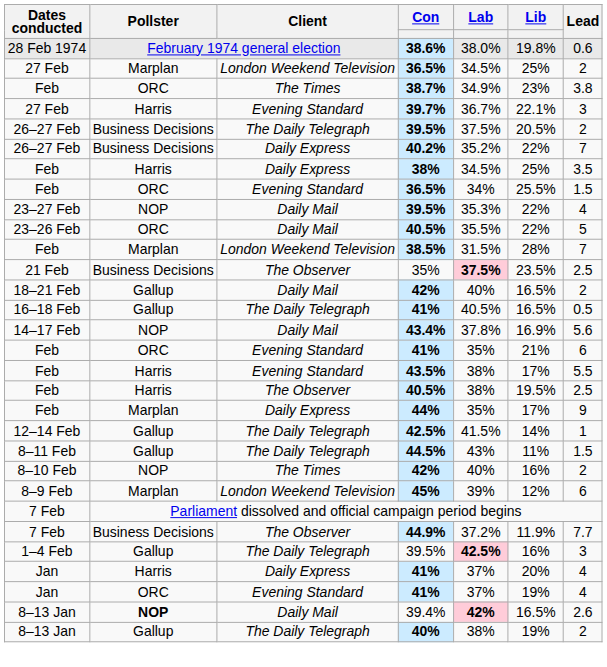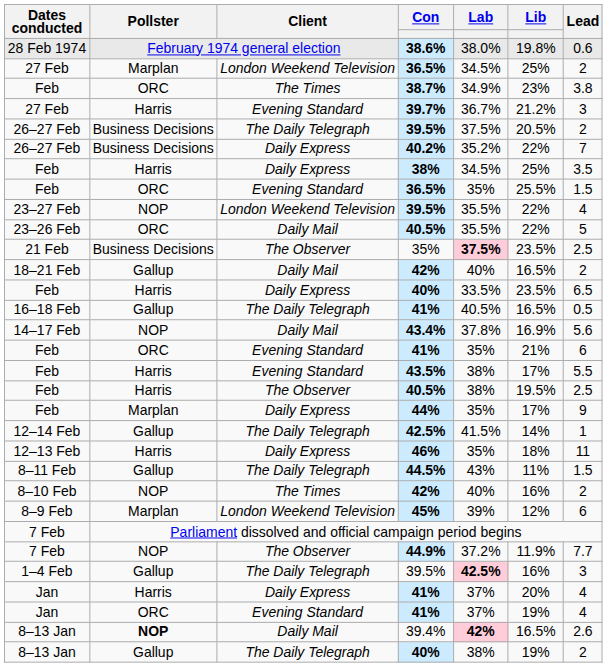 <table class="wikitable sortable mw-datatable" style="text-align:center;font-size:90%;line-height:14px;">
 <tr>
 <th rowspan="2">Dates<br>conducted</th>
 <th rowspan="2">Pollster</th>
 <th rowspan="2">Client</th>
 <th class="unsortable" style="width:50px;"><a href='#'>Con</a></th>
 <th class="unsortable" style="width:50px;"><a href='#'>Lab</a></th>
 <th class="unsortable" style="width:50px;"><a href='#'>Lib</a></th>
 <th rowspan="2">Lead</th>
 </tr>
 <tr>
 <th style="background:"></th>
 <th style="background:"></th>
 <th style="background:"></th>
 </tr>
 <tr style="background:#e9e9e9;">
 <td>28 Feb 1974</td>
 <td colspan="2"><a href='#'>February 1974 general election</a></td>
 <td style="background:#CCEBFF;"><strong>38.6%</strong></td>
 <td>38.0%</td>
 <td>19.8%</td>
 <td style="background:">0.6</td>
 </tr>
 <tr>
 <td>27 Feb</td>
 <td>Marplan</td>
 <td><em>London Weekend Television</em></td>
 <td style="background:#CCEBFF;"><strong>36.5%</strong></td>
 <td>34.5%</td>
 <td>25%</td>
 <td style="background:">2</td>
 </tr>
 <tr>
 <td>Feb</td>
 <td>ORC</td>
 <td><em>The Times</em></td>
 <td style="background:#CCEBFF;"><strong>38.7%</strong></td>
 <td>34.9%</td>
 <td>23%</td>
 <td style="background:">3.8</td>
 </tr>
 <tr>
 <td>27 Feb</td>
 <td>Harris</td>
 <td><em>Evening Standard</em></td>
 <td style="background:#CCEBFF;"><strong>39.7%</strong></td>
 <td>36.7%</td>
-<td>22.1%</td>
+<td>21.2%</td>
 <td style="background:">3</td>
 </tr>
 <tr>
 <td>26–27 Feb</td>
 <td>Business Decisions</td>
 <td><em>The Daily Telegraph</em></td>
 <td style="background:#CCEBFF;"><strong>39.5%</strong></td>
 <td>37.5%</td>
 <td>20.5%</td>
 <td style="background:">2</td>
 </tr>
 <tr>
 <td>26–27 Feb</td>
 <td>Business Decisions</td>
 <td><em>Daily Express</em></td>
 <td style="background:#CCEBFF;"><strong>40.2%</strong></td>
 <td>35.2%</td>
 <td>22%</td>
 <td style="background:">7</td>
 </tr>
 <tr>
 <td>Feb</td>
 <td>Harris</td>
 <td><em>Daily Express</em></td>
 <td style="background:#CCEBFF;"><strong>38%</strong></td>
 <td>34.5%</td>
 <td>25%</td>
 <td style="background:">3.5</td>
 </tr>
 <tr>
 <td>Feb</td>
 <td>ORC</td>
 <td><em>Evening Standard</em></td>
 <td style="background:#CCEBFF;"><strong>36.5%</strong></td>
-<td>34%</td>
+<td>35%</td>
 <td>25.5%</td>
 <td style="background:">1.5</td>
 </tr>
 <tr>
 <td>23–27 Feb</td>
 <td>NOP</td>
-<td><em>Daily Mail</em></td>
+<td><em>London Weekend Television</em></td>
 <td style="background:#CCEBFF;"><strong>39.5%</strong></td>
-<td>35.3%</td>
+<td>35.5%</td>
 <td>22%</td>
 <td style="background:">4</td>
 </tr>
 <tr>
 <td>23–26 Feb</td>
 <td>ORC</td>
 <td><em>Daily Mail</em></td>
 <td style="background:#CCEBFF;"><strong>40.5%</strong></td>
 <td>35.5%</td>
 <td>22%</td>
 <td style="background:">5</td>
-</tr>
-<tr>
-<td>Feb</td>
-<td>Marplan</td>
-<td><em>London Weekend Television</em></td>
-<td style="background:#CCEBFF;"><strong>38.5%</strong></td>
-<td>31.5%</td>
-<td>28%</td>
-<td style="background:">7</td>
 </tr>
 <tr>
 <td>21 Feb</td>
 <td>Business Decisions</td>
 <td><em>The Observer</em></td>
 <td>35%</td>
 <td style="background:#ffccd9;"><strong>37.5%</strong></td>
 <td>23.5%</td>
 <td style="background:">2.5</td>
 </tr>
 <tr>
 <td>18–21 Feb</td>
 <td>Gallup</td>
 <td><em>Daily Mail</em></td>
 <td style="background:#CCEBFF;"><strong>42%</strong></td>
 <td>40%</td>
 <td>16.5%</td>
 <td style="background:">2</td>
+</tr>
+<tr>
+<td>Feb</td>
+<td>Harris</td>
+<td><em>Daily Express</em></td>
+<td style="background:#CCEBFF;"><strong>40%</strong></td>
+<td>33.5%</td>
+<td>23.5%</td>
+<td style="background:">6.5</td>
 </tr>
 <tr>
 <td>16–18 Feb</td>
 <td>Gallup</td>
 <td><em>The Daily Telegraph</em></td>
 <td style="background:#CCEBFF;"><strong>41%</strong></td>
 <td>40.5%</td>
 <td>16.5%</td>
 <td style="background:">0.5</td>
 </tr>
 <tr>
 <td>14–17 Feb</td>
 <td>NOP</td>
 <td><em>Daily Mail</em></td>
 <td style="background:#CCEBFF;"><strong>43.4%</strong></td>
 <td>37.8%</td>
 <td>16.9%</td>
 <td style="background:">5.6</td>
 </tr>
 <tr>
 <td>Feb</td>
 <td>ORC</td>
 <td><em>Evening Standard</em></td>
 <td style="background:#CCEBFF;"><strong>41%</strong></td>
 <td>35%</td>
 <td>21%</td>
 <td style="background:">6</td>
 </tr>
 <tr>
 <td>Feb</td>
 <td>Harris</td>
 <td><em>Evening Standard</em></td>
 <td style="background:#CCEBFF;"><strong>43.5%</strong></td>
 <td>38%</td>
 <td>17%</td>
 <td style="background:">5.5</td>
 </tr>
 <tr>
 <td>Feb</td>
 <td>Harris</td>
 <td><em>The Observer</em></td>
 <td style="background:#CCEBFF;"><strong>40.5%</strong></td>
 <td>38%</td>
 <td>19.5%</td>
 <td style="background:">2.5</td>
 </tr>
 <tr>
 <td>Feb</td>
 <td>Marplan</td>
 <td><em>Daily Express</em></td>
 <td style="background:#CCEBFF;"><strong>44%</strong></td>
 <td>35%</td>
 <td>17%</td>
 <td style="background:">9</td>
 </tr>
 <tr>
 <td>12–14 Feb</td>
 <td>Gallup</td>
 <td><em>The Daily Telegraph</em></td>
 <td style="background:#CCEBFF;"><strong>42.5%</strong></td>
 <td>41.5%</td>
 <td>14%</td>
 <td style="background:">1</td>
 </tr>
 <tr>
+<td>12–13 Feb</td>
+<td>Harris</td>
+<td><em>Daily Express</em></td>
+<td style="background:#CCEBFF;"><strong>46%</strong></td>
+<td>35%</td>
+<td>18%</td>
+<td style="background:">11</td>
+</tr>
+<tr>
 <td>8–11 Feb</td>
 <td>Gallup</td>
 <td><em>The Daily Telegraph</em></td>
 <td style="background:#CCEBFF;"><strong>44.5%</strong></td>
 <td>43%</td>
 <td>11%</td>
 <td style="background:">1.5</td>
 </tr>
 <tr>
 <td>8–10 Feb</td>
 <td>NOP</td>
 <td><em>The Times</em></td>
 <td style="background:#CCEBFF;"><strong>42%</strong></td>
 <td>40%</td>
 <td>16%</td>
 <td style="background:">2</td>
 </tr>
 <tr>
 <td>8–9 Feb</td>
 <td>Marplan</td>
 <td><em>London Weekend Television</em></td>
 <td style="background:#CCEBFF;"><strong>45%</strong></td>
 <td>39%</td>
 <td>12%</td>
 <td style="background:">6</td>
 </tr>
 <tr>
 <td>7 Feb</td>
 <td colspan="6"><a href='#'>Parliament</a> dissolved and official campaign period begins</td>
 </tr>
 <tr>
 <td>7 Feb</td>
-<td>Business Decisions</td>
+<td>NOP</td>
 <td><em>The Observer</em></td>
 <td style="background:#CCEBFF;"><strong>44.9%</strong></td>
 <td>37.2%</td>
 <td>11.9%</td>
 <td style="background:">7.7</td>
 </tr>
 <tr>
 <td>1–4 Feb</td>
 <td>Gallup</td>
 <td><em>The Daily Telegraph</em></td>
 <td>39.5%</td>
 <td style="background:#ffccd9;"><strong>42.5%</strong></td>
 <td>16%</td>
 <td style="background:">3</td>
 </tr>
 <tr>
 <td>Jan</td>
 <td>Harris</td>
 <td><em>Daily Express</em></td>
 <td style="background:#CCEBFF;"><strong>41%</strong></td>
 <td>37%</td>
 <td>20%</td>
 <td style="background:">4</td>
 </tr>
 <tr>
 <td>Jan</td>
 <td>ORC</td>
 <td><em>Evening Standard</em></td>
 <td style="background:#CCEBFF;"><strong>41%</strong></td>
 <td>37%</td>
 <td>19%</td>
 <td style="background:">4</td>
 </tr>
 <tr>
 <td>8–13 Jan</td>
 <td><strong>NOP</strong></td>
 <td><em>Daily Mail</em></td>
 <td>39.4%</td>
 <td style="background:#ffccd9;"><strong>42%</strong></td>
 <td>16.5%</td>
 <td style="background:">2.6</td>
 </tr>
 <tr>
 <td>8–13 Jan</td>
 <td>Gallup</td>
 <td><em>The Daily Telegraph</em></td>
 <td style="background:#CCEBFF;"><strong>40%</strong></td>
 <td>38%</td>
 <td>19%</td>
 <td style="background:">2</td>
 </tr>
 </table>
